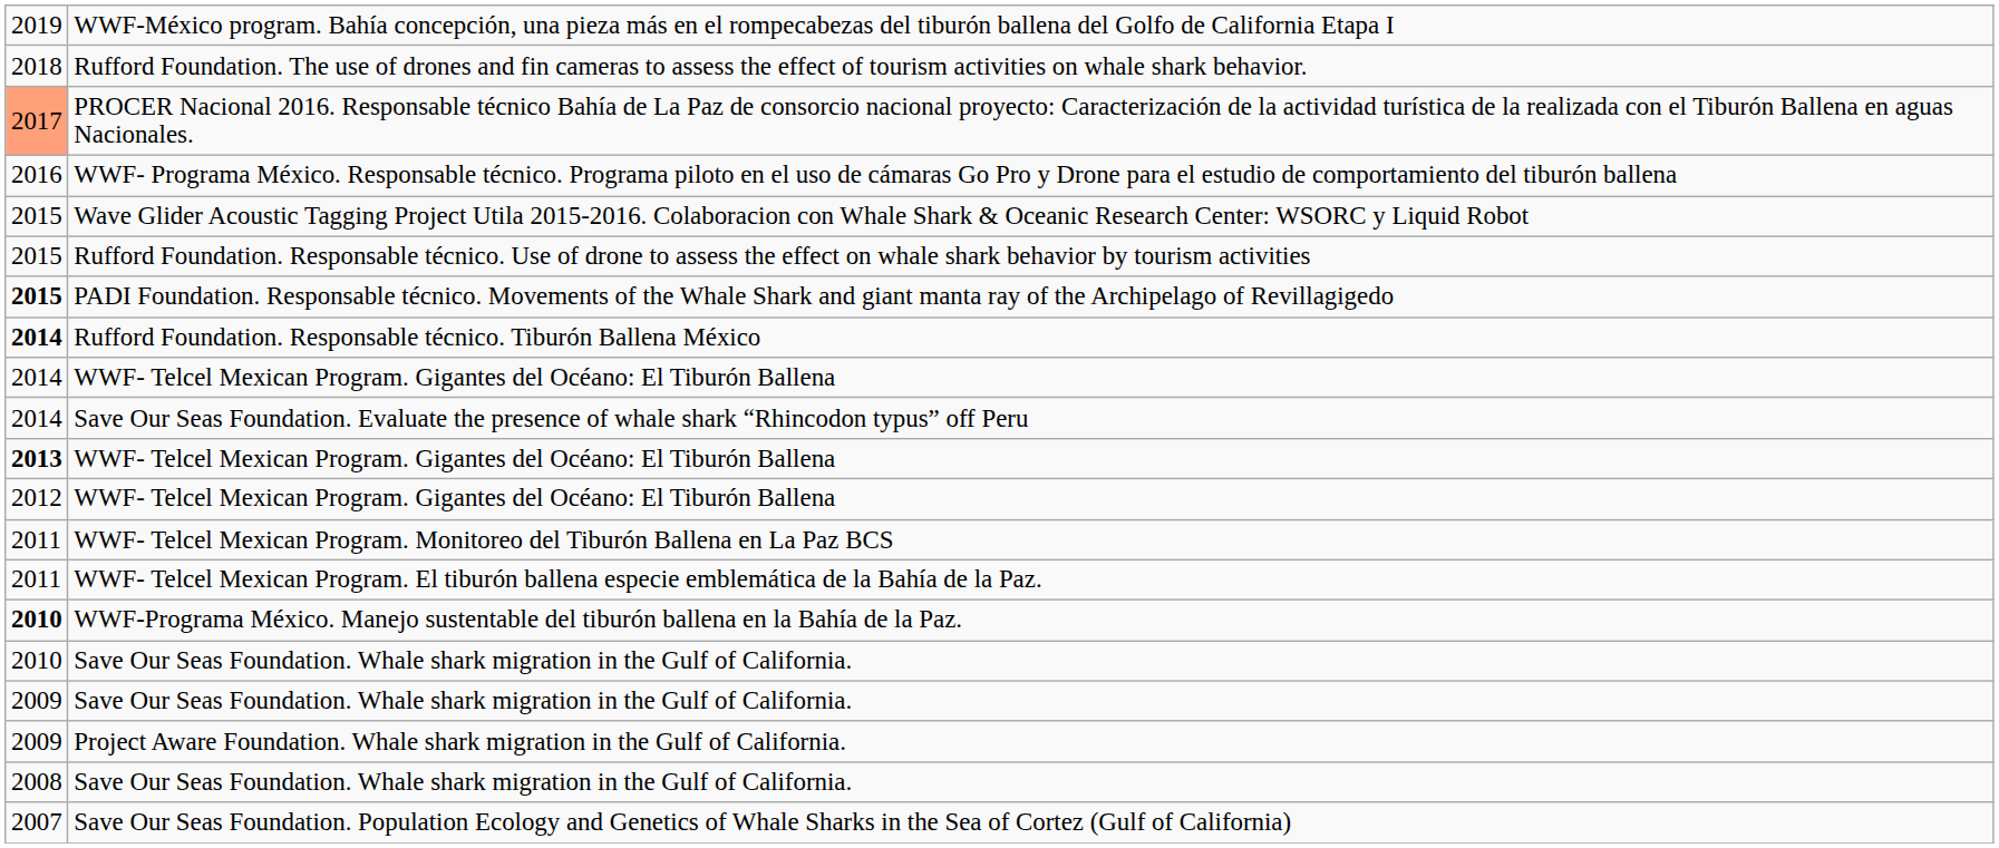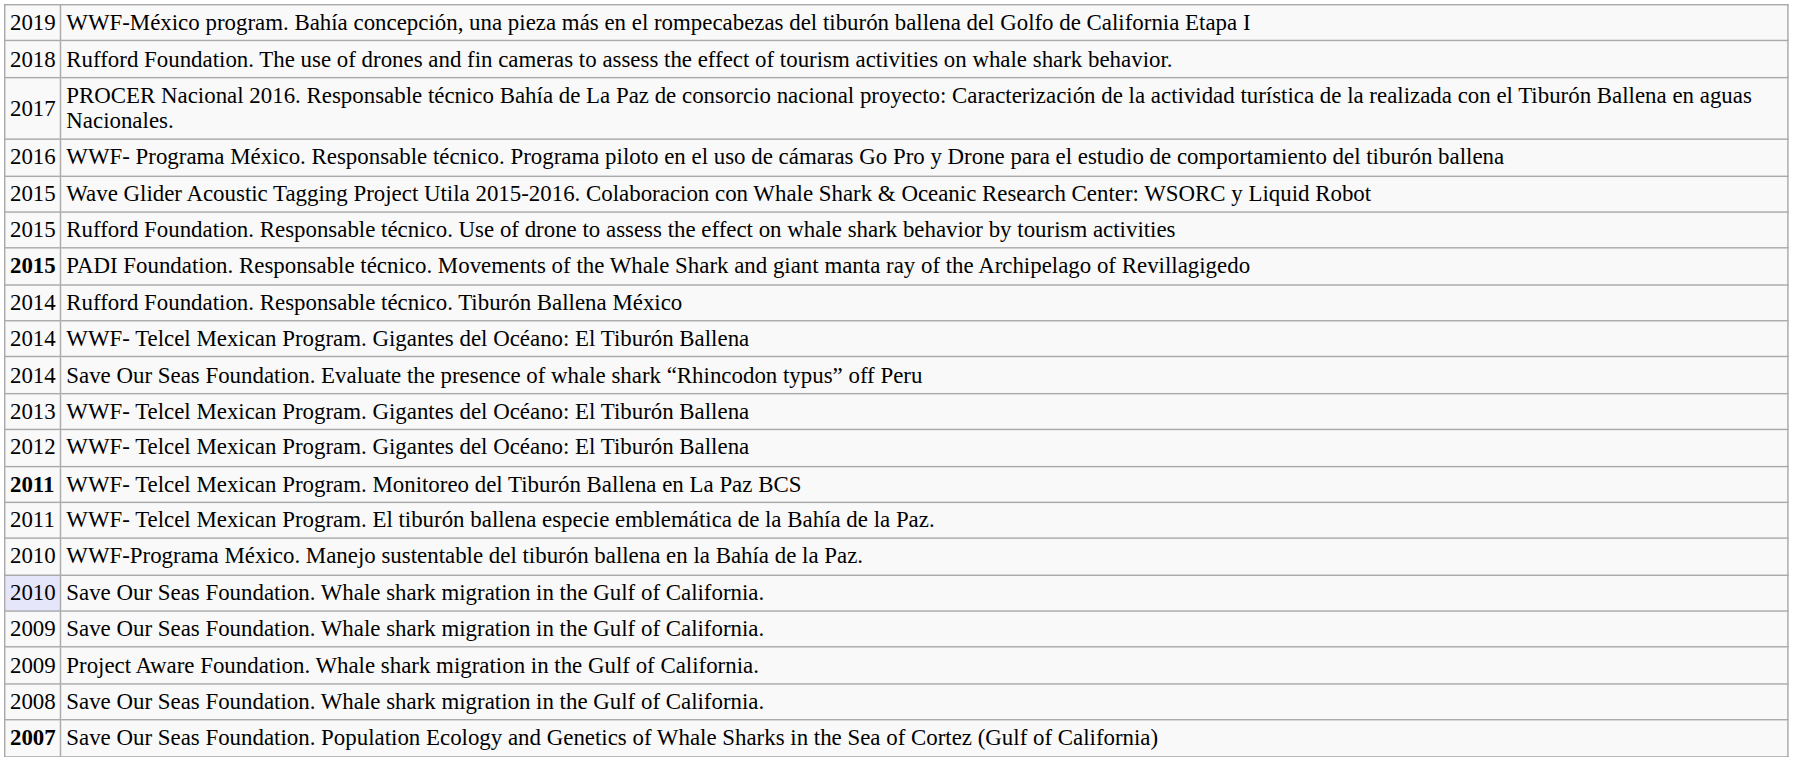 <table class="wikitable">
 <tr>
 <td>2019</td>
 <td>WWF-México program. Bahía concepción, una pieza más  en el rompecabezas del tiburón ballena del Golfo de California Etapa I</td>
 </tr>
 <tr>
 <td>2018</td>
 <td>Rufford  Foundation. The use of drones and fin cameras to assess the effect of tourism  activities on whale shark behavior.</td>
 </tr>
 <tr>
-<td style="background: lightsalmon;">2017</td>
+<td>2017</td>
 <td>PROCER Nacional 2016. Responsable técnico Bahía de  La Paz de consorcio nacional proyecto: Caracterización de la actividad turística de la realizada con el  Tiburón Ballena en aguas Nacionales.</td>
 </tr>
 <tr>
 <td>2016</td>
 <td>WWF- Programa México. Responsable técnico. Programa piloto en el uso de  cámaras Go Pro y Drone para el estudio de comportamiento del tiburón ballena</td>
 </tr>
 <tr>
 <td>2015</td>
 <td>Wave  Glider Acoustic Tagging Project Utila 2015-2016. Colaboracion con Whale Shark  & Oceanic Research Center: WSORC y Liquid Robot</td>
 </tr>
 <tr>
 <td>2015</td>
 <td>Rufford  Foundation. Responsable técnico. Use of drone to assess the effect on whale  shark behavior by tourism activities</td>
 </tr>
 <tr>
 <td><strong>2015</strong></td>
 <td>PADI  Foundation. Responsable técnico. Movements of the Whale Shark and giant manta  ray of the Archipelago of Revillagigedo</td>
 </tr>
 <tr>
-<td><strong>2014</strong></td>
+<td>2014</td>
 <td>Rufford  Foundation. Responsable técnico. Tiburón Ballena México</td>
 </tr>
 <tr>
 <td>2014</td>
 <td>WWF-  Telcel Mexican Program. Gigantes del Océano: El Tiburón Ballena</td>
 </tr>
 <tr>
 <td>2014</td>
 <td>Save Our Seas Foundation. Evaluate  the presence of whale shark “Rhincodon typus” off Peru</td>
 </tr>
 <tr>
-<td><strong>2013</strong></td>
+<td>2013</td>
 <td>WWF-  Telcel Mexican Program. Gigantes del Océano: El Tiburón Ballena</td>
 </tr>
 <tr>
 <td>2012</td>
 <td>WWF-  Telcel Mexican Program. Gigantes del Océano: El Tiburón Ballena</td>
 </tr>
 <tr>
-<td>2011</td>
+<td><strong>2011</strong></td>
 <td>WWF-  Telcel Mexican Program. Monitoreo  del Tiburón Ballena en La Paz BCS</td>
 </tr>
 <tr>
 <td>2011</td>
 <td>WWF-  Telcel Mexican Program. El tiburón ballena especie emblemática de la Bahía de  la Paz.</td>
 </tr>
 <tr>
-<td><strong>2010</strong></td>
+<td>2010</td>
 <td>WWF-Programa  México. Manejo sustentable del tiburón ballena en la Bahía de la Paz.</td>
 </tr>
 <tr>
-<td>2010</td>
+<td style="background: lavender;">2010</td>
 <td>Save Our Seas Foundation. Whale  shark migration in the Gulf of California.</td>
 </tr>
 <tr>
 <td>2009</td>
 <td>Save Our Seas Foundation. Whale  shark migration in the Gulf of California.</td>
 </tr>
 <tr>
 <td>2009</td>
 <td>Project Aware Foundation. Whale  shark migration in the Gulf of California.</td>
 </tr>
 <tr>
 <td>2008</td>
 <td>Save Our Seas Foundation. Whale  shark migration in the Gulf of California.</td>
 </tr>
 <tr>
-<td>2007</td>
+<td><strong>2007</strong></td>
 <td>Save Our Seas Foundation.  Population Ecology and Genetics of Whale Sharks in the Sea of Cortez (Gulf of  California)</td>
 </tr>
 </table>
